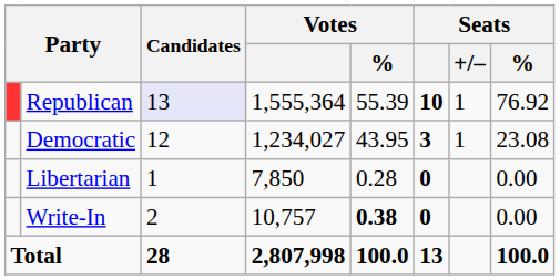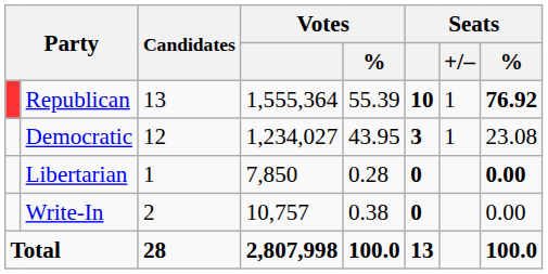 <table class="wikitable" style="font-size: 95%;">
 <tr>
 <th colspan="2" rowspan="2">Party</th>
 <th rowspan="2"><small>Candi</small><small>dates</small></th>
 <th colspan="2">Votes</th>
 <th colspan="3">Seats</th>
 </tr>
 <tr>
 <th></th>
 <th>%</th>
 <th></th>
 <th>+/–</th>
 <th>%</th>
 </tr>
 <tr>
 <th style="background-color:#FF3333; width: 3px"></th>
 <td align="left"><a href='#'>Republican</a></td>
-<td style="background: lavender;">13</td>
+<td>13</td>
 <td>1,555,364</td>
 <td>55.39</td>
 <td><strong>10</strong></td>
 <td> 1</td>
-<td>76.92</td>
+<td><strong>76.92</strong></td>
 </tr>
 <tr>
 <td style="background:"></td>
 <td align="left"><a href='#'>Democratic</a></td>
 <td>12</td>
 <td>1,234,027</td>
 <td>43.95</td>
 <td><strong>3</strong></td>
 <td> 1</td>
 <td>23.08</td>
 </tr>
 <tr>
 <td style="background:"></td>
 <td align="left"><a href='#'>Libertarian</a></td>
 <td>1</td>
 <td>7,850</td>
 <td>0.28</td>
 <td><strong>0</strong></td>
 <td></td>
-<td>0.00</td>
+<td><strong>0.00</strong></td>
 </tr>
 <tr>
 <td style="background:"></td>
 <td align="left"><a href='#'>Write-In</a></td>
 <td>2</td>
 <td>10,757</td>
-<td><strong>0.38</strong></td>
+<td>0.38</td>
 <td><strong>0</strong></td>
 <td></td>
 <td>0.00</td>
 </tr>
 <tr style="font-weight:bold">
 <td colspan="2" align="left">Total</td>
 <td>28</td>
 <td>2,807,998</td>
 <td>100.0</td>
 <td>13</td>
 <td></td>
 <td>100.0</td>
 </tr>
 </table>
